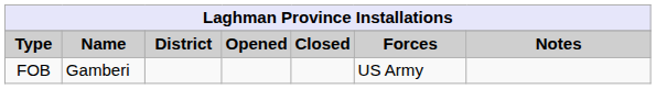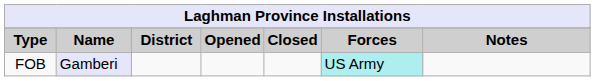 <table class="wikitable sortable" width="100%">
 <tr>
 <th style="align: center; background: lavender" colspan="7"><strong>Laghman Province Installations</strong></th>
 </tr>
 <tr style="background:#efefef; color:black">
 </tr>
 <tr>
 <th style="background-color:#cfcfcf;" align="center" width="9%" align="center">Type</th>
 <th style="background-color:#cfcfcf;" align="center" width="13%">Name</th>
 <th style="background-color:#cfcfcf;" align="center" width="12%">District</th>
 <th style="background-color:#cfcfcf;" align="center" width="7%">Opened</th>
 <th style="background-color:#cfcfcf;" align="center" width="7%">Closed</th>
 <th style="background-color:#cfcfcf;" align="center" width="18%" class="unsortable">Forces</th>
 <th style="background-color:#cfcfcf;" align="center" width="30%" class="unsortable">Notes</th>
 </tr>
 <tr>
 <td align="center">FOB</td>
-<td>Gamberi</td>
+<td style="background: lavender;">Gamberi</td>
 <td align="center"></td>
 <td align="center"> </td>
 <td align="center"> </td>
-<td> US Army</td>
+<td style="background: paleturquoise;"> US Army</td>
 <td></td>
 </tr>
 </table>
